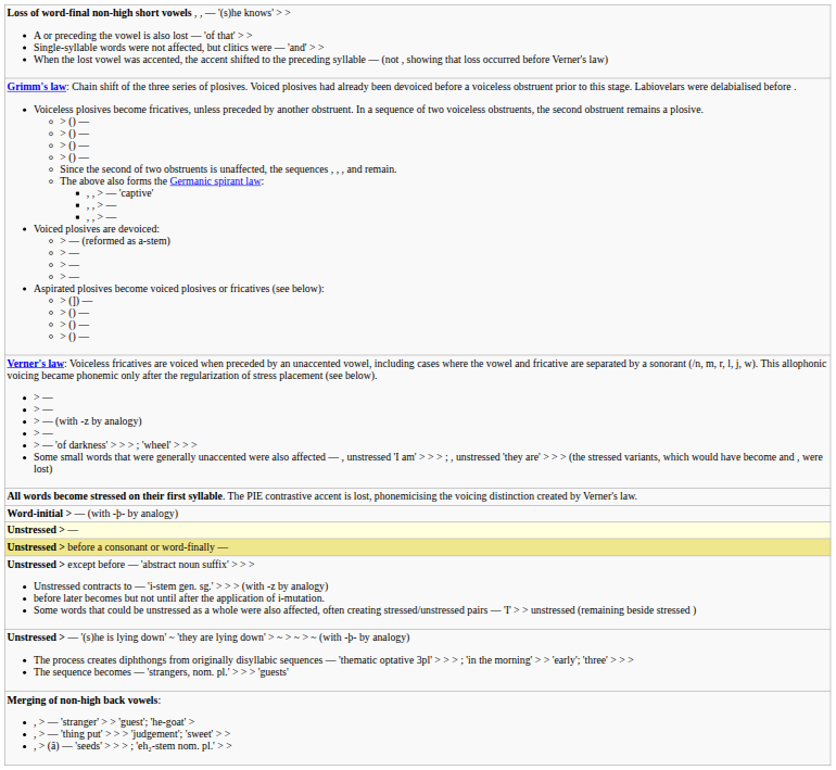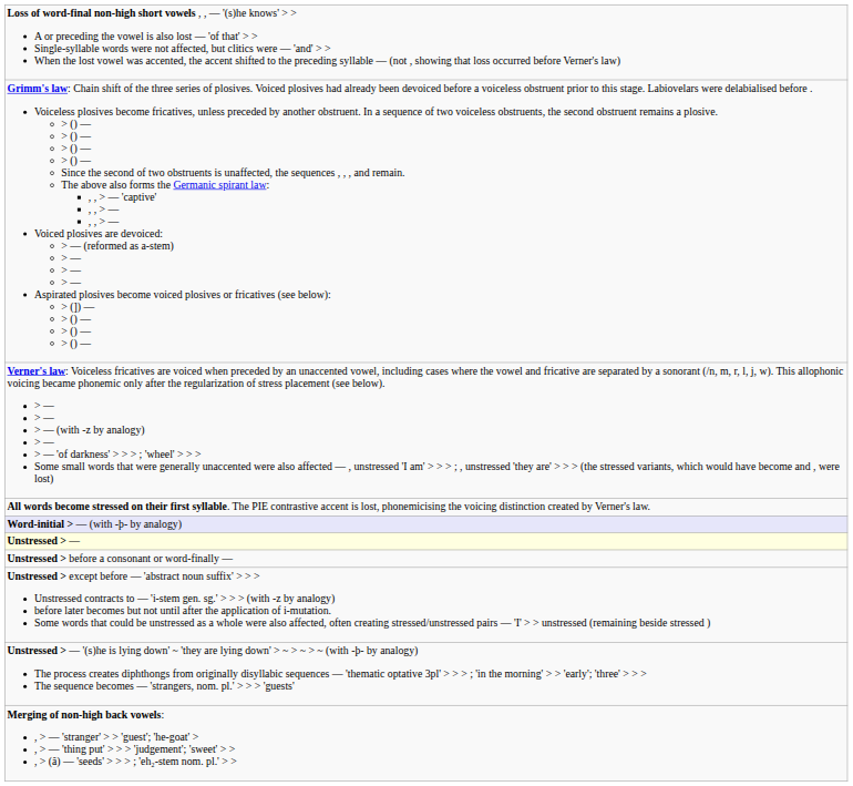 <table class="wikitable">
 <tr>
 <td><strong>Loss of word-final non-high short vowels</strong> , ,  — <em></em> '(s)he knows' >  > <br><ul><li>A  or  preceding the vowel is also lost — <em></em> 'of that' > <em></em> > </li><li>Single-syllable words were not affected, but clitics were — <em></em> 'and' > <em></em> > </li><li>When the lost vowel was accented, the accent shifted to the preceding syllable —  (not , showing that loss occurred before Verner's law)</li></ul></td>
 </tr>
 <tr>
 <td><strong><a href='#'>Grimm's law</a></strong>: Chain shift of the three series of plosives. Voiced plosives had already been devoiced before a voiceless obstruent prior to this stage. Labiovelars were delabialised before .<br><ul><li>Voiceless plosives become fricatives, unless preceded by another obstruent. In a sequence of two voiceless obstruents, the second obstruent remains a plosive.<ul><li> >  () — </li><li> >  () — </li><li> >  () — </li><li> >  () — </li><li>Since the second of two obstruents is unaffected, the sequences , , , and  remain.</li><li>The above also forms the <a href='#'>Germanic spirant law</a>:<ul><li>, ,  >  —  'captive'</li><li>, ,  >  — </li><li>, ,  >  — </li></ul></li></ul></li><li>Voiced plosives are devoiced:<ul><li> >  —  (reformed as a-stem)</li><li> >  — </li><li> >  — </li><li> >  — </li></ul></li><li>Aspirated plosives become voiced plosives or fricatives (see below):<ul><li> >  (]) — </li><li> >  () — </li><li> >  () — </li><li> >  () — </li></ul></li></ul></td>
 </tr>
 <tr>
 <td><strong><a href='#'>Verner's law</a></strong>: Voiceless fricatives are voiced when preceded by an unaccented vowel, including cases where the vowel and fricative are separated by a sonorant (/n, m, r, l, j, w). This allophonic voicing became phonemic only after the regularization of stress placement (see below).<br><ul><li> >  — </li><li> >  — </li><li> >  —  (with -z by analogy)</li><li> >  — </li><li> >  — <em></em> 'of darkness' > <em></em> > <em></em> > ; <em></em> 'wheel' > <em></em> > <em></em> > </li><li>Some small words that were generally unaccented were also affected — <em></em>, unstressed <em></em> 'I am' > <em></em> > <em></em> > ; <em></em>, unstressed <em></em> 'they are' > <em></em> > <em></em> >  (the stressed variants, which would have become  and , were lost)</li></ul></td>
 </tr>
 <tr>
 <td><strong>All words become stressed on their first syllable</strong>. The PIE contrastive accent is lost, phonemicising the voicing distinction created by Verner's law.</td>
 </tr>
 <tr>
-<td><strong>Word-initial  > </strong>  —  (with -þ- by analogy)</td>
+<td style="background: lavender;"><strong>Word-initial  > </strong>  —  (with -þ- by analogy)</td>
 </tr>
 <tr>
 <td style="background: lightyellow;"><strong>Unstressed  > </strong> — </td>
 </tr>
 <tr>
-<td style="background: khaki;"><strong>Unstressed  > </strong> before a consonant or word-finally — </td>
+<td><strong>Unstressed  > </strong> before a consonant or word-finally — </td>
 </tr>
 <tr>
 <td><strong>Unstressed  > </strong> except before  — <em></em> 'abstract noun suffix' > <em></em> > <em></em> > <br><ul><li>Unstressed  contracts to  — <em></em> 'i-stem gen. sg.' > <em></em> > <em></em> >  (with -z by analogy)</li><li> before  later becomes  but not until after the application of i-mutation.</li><li>Some words that could be unstressed as a whole were also affected, often creating stressed/unstressed pairs — <em></em> 'I' >  > unstressed  (remaining beside stressed )</li></ul></td>
 </tr>
 <tr>
 <td><strong>Unstressed  > </strong> — <em></em> '(s)he is lying down' ~ <em></em> 'they are lying down' > <em></em> ~ <em></em> > <em></em> ~ <em></em> >  ~  (with -þ- by analogy)<br><ul><li>The process creates diphthongs from originally disyllabic sequences — <em></em> 'thematic optative 3pl' > <em></em> > <em></em> > ; <em></em> 'in the morning' > <em></em> >  'early'; <em></em> 'three' >  >  > </li><li>The sequence  becomes  — <em></em> 'strangers, nom. pl.' > <em></em> > <em></em> >  'guests'</li></ul></td>
 </tr>
 <tr>
 <td><strong>Merging of non-high back vowels</strong>:<br><ul><li>,  >  — <em></em> 'stranger' > <em></em> >  'guest'; <em></em> 'he-goat' > </li><li>,  >  — <em></em> 'thing put' > <em></em> > <em></em> >  'judgement'; <em></em> 'sweet' > <em></em> > </li><li>,  >  (â) — <em></em> 'seeds' > <em></em> > <em></em> > ; <em></em> 'eh₂-stem nom. pl.' > <em></em> > </li></ul></td>
 </tr>
 </table>
